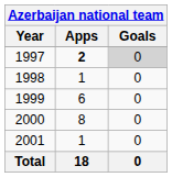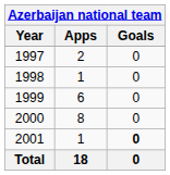 <table class="wikitable" style="text-align:center">
 <tr>
 <th colspan=3><a href='#'>Azerbaijan national team</a></th>
 </tr>
 <tr>
 <th>Year</th>
 <th>Apps</th>
 <th>Goals</th>
 </tr>
 <tr>
 </tr>
 <tr>
 <td>1997</td>
-<td><strong>2</strong></td>
-<td style="background: lightgrey;">0</td>
+<td>2</td>
+<td>0</td>
 </tr>
 <tr>
 <td>1998</td>
 <td>1</td>
 <td>0</td>
 </tr>
 <tr>
 <td>1999</td>
 <td>6</td>
 <td>0</td>
 </tr>
 <tr>
 <td>2000</td>
 <td>8</td>
 <td>0</td>
 </tr>
 <tr>
 <td>2001</td>
 <td>1</td>
-<td>0</td>
+<td><strong>0</strong></td>
 </tr>
 <tr>
 <th>Total</th>
 <th>18</th>
 <th>0</th>
 </tr>
 </table>
